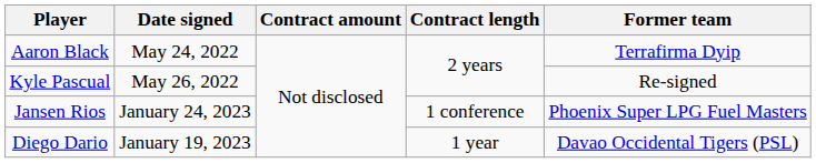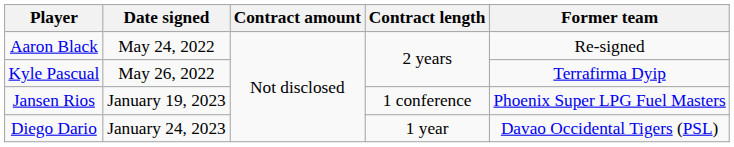 <table class="wikitable sortable sortable">
 <tr>
 <th>Player</th>
 <th>Date signed</th>
 <th>Contract amount</th>
 <th>Contract length</th>
 <th>Former team</th>
 </tr>
 <tr>
 <td align=center><a href='#'>Aaron Black</a></td>
 <td align=center>May 24, 2022</td>
 <td align=center rowspan=4>Not disclosed</td>
 <td align=center rowspan=2>2 years</td>
-<td align=center><a href='#'>Terrafirma Dyip</a></td>
+<td align=center>Re-signed</td>
 </tr>
 <tr>
 <td align=center><a href='#'>Kyle Pascual</a></td>
 <td align=center>May 26, 2022</td>
-<td align=center>Re-signed</td>
+<td align=center><a href='#'>Terrafirma Dyip</a></td>
 </tr>
 <tr>
 <td align=center><a href='#'>Jansen Rios</a></td>
-<td align=center>January 24, 2023</td>
+<td align=center>January 19, 2023</td>
 <td align=center>1 conference</td>
 <td align=center><a href='#'>Phoenix Super LPG Fuel Masters</a></td>
 </tr>
 <tr>
 <td align=center><a href='#'>Diego Dario</a></td>
-<td align=center>January 19, 2023</td>
+<td align=center>January 24, 2023</td>
 <td align=center>1 year</td>
 <td align=center><a href='#'>Davao Occidental Tigers</a> (<a href='#'>PSL</a>)</td>
 </tr>
 </table>
